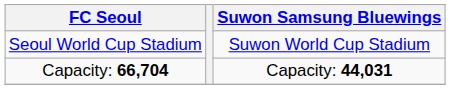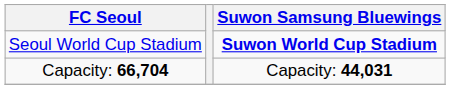 <table class="wikitable" style="text-align:center; margin:0.5em auto;">
 <tr>
 <th><a href='#'>FC Seoul</a></th>
 <th rowspan=3></th>
 <th><a href='#'>Suwon Samsung Bluewings</a></th>
 </tr>
 <tr>
 <td><a href='#'>Seoul World Cup Stadium</a></td>
-<td><a href='#'>Suwon World Cup Stadium</a></td>
+<td><strong><a href='#'>Suwon World Cup Stadium</a></strong></td>
 </tr>
 <tr>
 <td>Capacity: <strong>66,704</strong></td>
 <td>Capacity: <strong>44,031</strong></td>
 </tr>
 <tr>
 </tr>
 </table>
